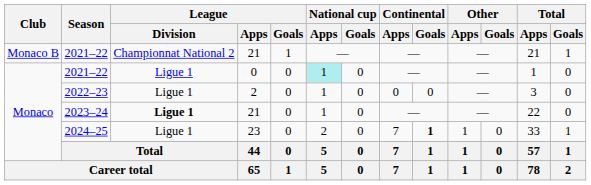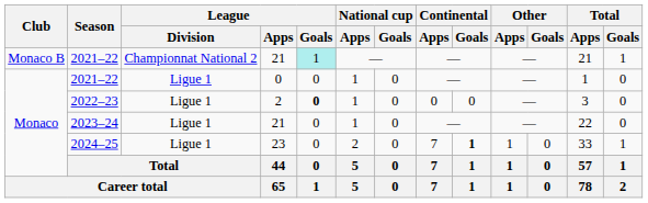 <table class="wikitable" style="text-align: center;">
 <tr>
 <th rowspan="2">Club</th>
 <th rowspan="2">Season</th>
 <th colspan="3">League</th>
 <th colspan="2">National cup</th>
 <th colspan="2">Continental</th>
 <th colspan="2">Other</th>
 <th colspan="2">Total</th>
 </tr>
 <tr>
 <th>Division</th>
 <th>Apps</th>
 <th>Goals</th>
 <th>Apps</th>
 <th>Goals</th>
 <th>Apps</th>
 <th>Goals</th>
 <th>Apps</th>
 <th>Goals</th>
 <th>Apps</th>
 <th>Goals</th>
 </tr>
 <tr>
 <td><a href='#'>Monaco B</a></td>
 <td><a href='#'>2021–22</a></td>
 <td><a href='#'>Championnat National 2</a></td>
 <td>21</td>
-<td>1</td>
+<td style="background: paleturquoise;">1</td>
 <td colspan="2">—</td>
 <td colspan="2">—</td>
 <td colspan="2">—</td>
 <td>21</td>
 <td>1</td>
 </tr>
 <tr>
 <td rowspan="5"><a href='#'>Monaco</a></td>
 <td><a href='#'>2021–22</a></td>
 <td><a href='#'>Ligue 1</a></td>
 <td>0</td>
 <td>0</td>
-<td style="background: paleturquoise;">1</td>
+<td>1</td>
 <td>0</td>
 <td colspan="2">—</td>
 <td colspan="2">—</td>
 <td>1</td>
 <td>0</td>
 </tr>
 <tr>
 <td><a href='#'>2022–23</a></td>
 <td>Ligue 1</td>
 <td>2</td>
-<td>0</td>
+<td><strong>0</strong></td>
 <td>1</td>
 <td>0</td>
 <td>0</td>
 <td>0</td>
 <td colspan="2">—</td>
 <td>3</td>
 <td>0</td>
 </tr>
 <tr>
 <td><a href='#'>2023–24</a></td>
-<td><strong>Ligue 1</strong></td>
+<td>Ligue 1</td>
 <td>21</td>
 <td>0</td>
 <td>1</td>
 <td>0</td>
 <td colspan="2">—</td>
 <td colspan="2">—</td>
 <td>22</td>
 <td>0</td>
 </tr>
 <tr>
 <td><a href='#'>2024–25</a></td>
 <td>Ligue 1</td>
 <td>23</td>
 <td>0</td>
 <td>2</td>
 <td>0</td>
 <td>7</td>
 <td><strong>1</strong></td>
 <td>1</td>
 <td>0</td>
 <td>33</td>
 <td>1</td>
 </tr>
 <tr>
 <th colspan="2">Total</th>
 <th>44</th>
 <th>0</th>
 <th>5</th>
 <th>0</th>
 <th>7</th>
 <th>1</th>
 <th>1</th>
 <th>0</th>
 <th>57</th>
 <th>1</th>
 </tr>
 <tr>
 <th colspan="3">Career total</th>
 <th>65</th>
 <th>1</th>
 <th>5</th>
 <th>0</th>
 <th>7</th>
 <th>1</th>
 <th>1</th>
 <th>0</th>
 <th>78</th>
 <th>2</th>
 </tr>
 </table>
